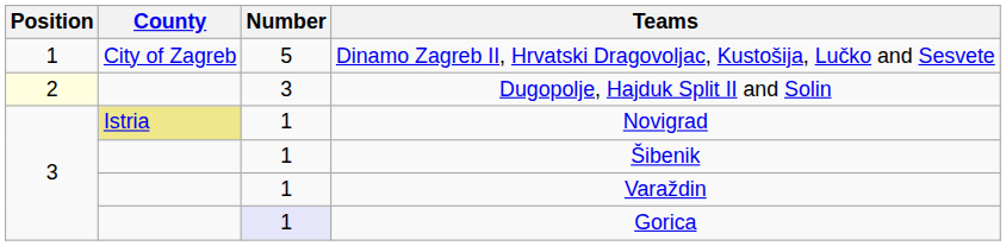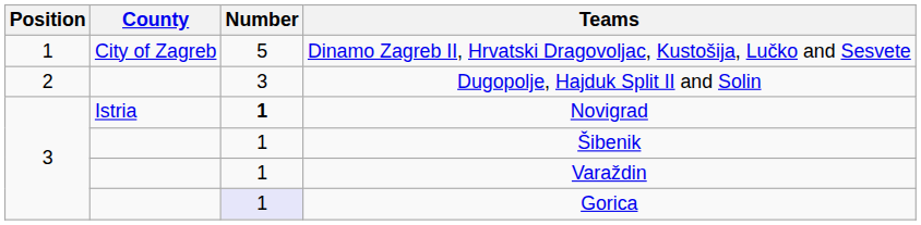 <table class="wikitable">
 <tr>
 <th>Position</th>
 <th><a href='#'>County</a></th>
 <th>Number</th>
 <th>Teams</th>
 </tr>
 <tr>
 <td align=center>1</td>
 <td><a href='#'> City of Zagreb</a></td>
 <td align=center>5</td>
 <td align=center><a href='#'>Dinamo Zagreb II</a>, <a href='#'>Hrvatski Dragovoljac</a>, <a href='#'>Kustošija</a>, <a href='#'>Lučko</a> and <a href='#'>Sesvete</a></td>
 </tr>
 <tr>
-<td align=center style="background: lightyellow;">2</td>
+<td align=center>2</td>
 <td></td>
 <td align=center>3</td>
 <td align=center><a href='#'>Dugopolje</a>, <a href='#'>Hajduk Split II</a> and <a href='#'>Solin</a></td>
 </tr>
 <tr>
 <td align=center rowspan="4">3</td>
-<td style="background: khaki;"><a href='#'> Istria</a></td>
-<td align=center>1</td>
+<td><a href='#'> Istria</a></td>
+<td align=center><strong>1</strong></td>
 <td align=center><a href='#'>Novigrad</a></td>
 </tr>
 <tr>
 <td></td>
 <td align=center>1</td>
 <td align=center><a href='#'>Šibenik</a></td>
 </tr>
 <tr>
 <td></td>
 <td align=center>1</td>
 <td align=center><a href='#'>Varaždin</a></td>
 </tr>
 <tr>
 <td></td>
 <td align=center style="background: lavender;">1</td>
 <td align=center><a href='#'>Gorica</a></td>
 </tr>
 </table>
